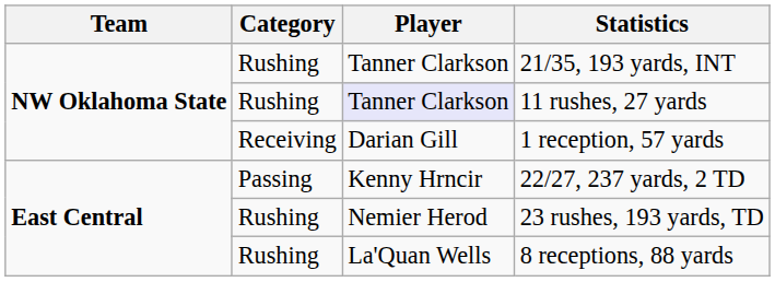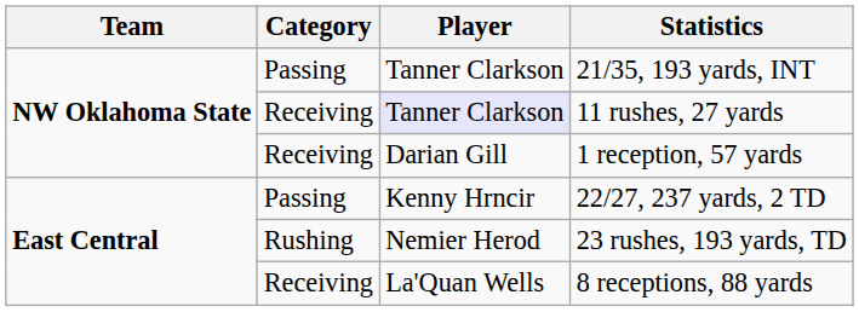 <table class="wikitable" style="float: right;">
 <tr>
 <th>Team</th>
 <th>Category</th>
 <th>Player</th>
 <th>Statistics</th>
 </tr>
 <tr>
 <td rowspan=3><strong>NW Oklahoma State</strong></td>
-<td>Rushing</td>
+<td>Passing</td>
 <td>Tanner Clarkson</td>
 <td>21/35, 193 yards, INT</td>
 </tr>
 <tr>
-<td>Rushing</td>
+<td>Receiving</td>
 <td style="background: lavender;">Tanner Clarkson</td>
 <td>11 rushes, 27 yards</td>
 </tr>
 <tr>
 <td>Receiving</td>
 <td>Darian Gill</td>
 <td>1 reception, 57 yards</td>
 </tr>
 <tr>
 <td rowspan=3><strong>East Central</strong></td>
 <td>Passing</td>
 <td>Kenny Hrncir</td>
 <td>22/27, 237 yards, 2 TD</td>
 </tr>
 <tr>
 <td>Rushing</td>
 <td>Nemier Herod</td>
 <td>23 rushes, 193 yards, TD</td>
 </tr>
 <tr>
-<td>Rushing</td>
+<td>Receiving</td>
 <td>La'Quan Wells</td>
 <td>8 receptions, 88 yards</td>
 </tr>
 </table>
